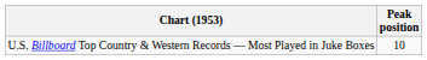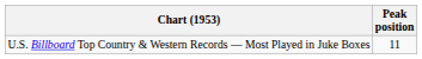 <table class="wikitable sortable">
 <tr>
 <th align="center">Chart (1953)</th>
 <th align="center">Peak<br>position</th>
 </tr>
 <tr>
 <td>U.S. <em><a href='#'>Billboard</a></em> Top Country & Western Records — Most Played in Juke Boxes</td>
-<td align="center">10</td>
+<td align="center">11</td>
 </tr>
 </table>
